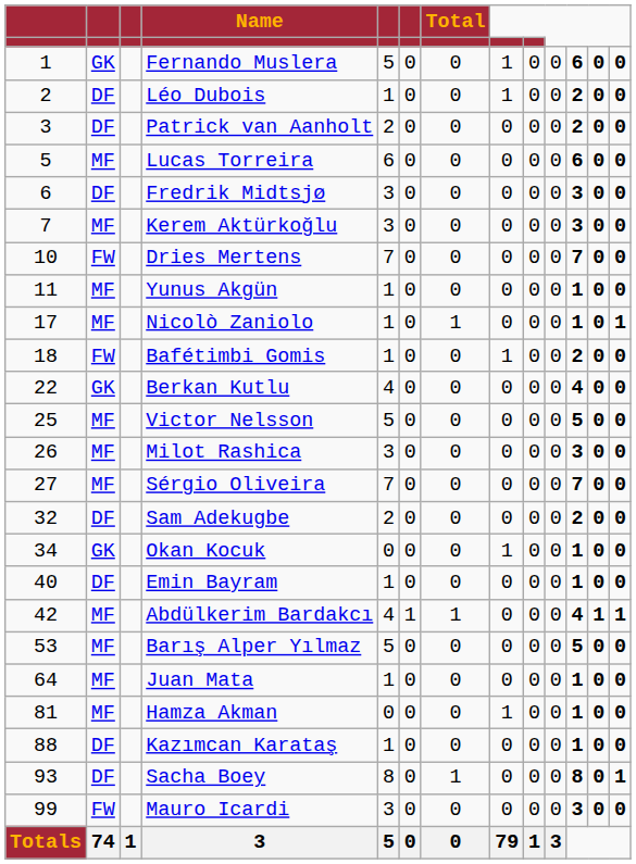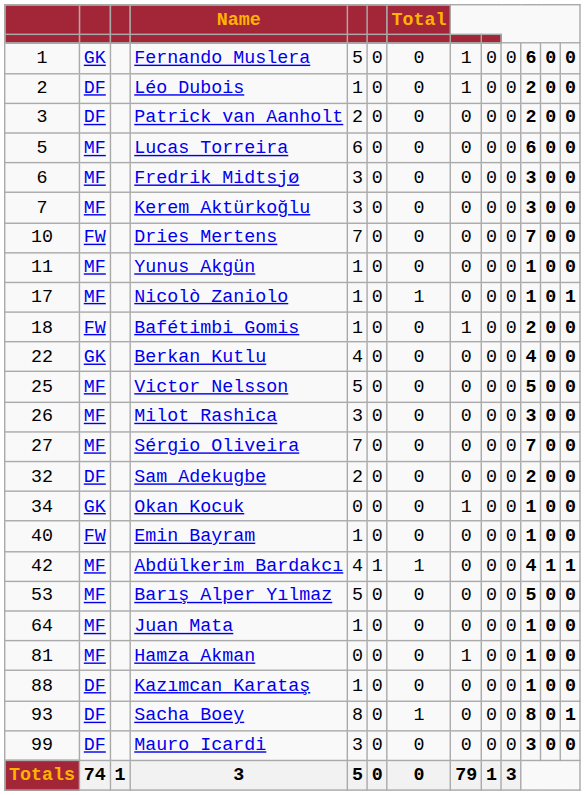 <table class="wikitable" style="text-align:center;">
 <tr>
 <th style="background:#A32638; color:#FFB300; "></th>
 <th style="background:#A32638; color:#FFB300; "></th>
 <th style="background:#A32638; color:#FFB300; "></th>
 <th style="background:#A32638; color:#FFB300; ">Name</th>
 <th style="background:#A32638; color:#FFB300; "></th>
 <th style="background:#A32638; color:#FFB300; "></th>
 <th style="background:#A32638; color:#FFB300; ">Total</th>
 </tr>
 <tr>
 <th style="background:#A32638; color:#FFB300; "></th>
 <th style="background:#A32638; color:#FFB300; "></th>
 <th style="background:#A32638; color:#FFB300; "></th>
 <th style="background:#A32638; color:#FFB300; "></th>
 <th style="background:#A32638; color:#FFB300; "></th>
 <th style="background:#A32638; color:#FFB300; "></th>
 <th style="background:#A32638; color:#FFB300; "></th>
 <th style="background:#A32638; color:#FFB300; "></th>
 <th style="background:#A32638; color:#FFB300; "></th>
 </tr>
 <tr>
 <td>1</td>
 <td><a href='#'>GK</a></td>
 <td></td>
 <td align=left><a href='#'>Fernando Muslera</a></td>
 <td>5</td>
 <td>0</td>
 <td>0</td>
 <td>1</td>
 <td>0</td>
 <td>0</td>
 <td><strong>6</strong></td>
 <td><strong>0</strong></td>
 <td><strong>0</strong></td>
 </tr>
 <tr>
 <td>2</td>
 <td><a href='#'>DF</a></td>
 <td></td>
 <td align=left><a href='#'>Léo Dubois</a></td>
 <td>1</td>
 <td>0</td>
 <td>0</td>
 <td>1</td>
 <td>0</td>
 <td>0</td>
 <td><strong>2</strong></td>
 <td><strong>0</strong></td>
 <td><strong>0</strong></td>
 </tr>
 <tr>
 <td>3</td>
 <td><a href='#'>DF</a></td>
 <td></td>
 <td align=left><a href='#'>Patrick van Aanholt</a></td>
 <td>2</td>
 <td>0</td>
 <td>0</td>
 <td>0</td>
 <td>0</td>
 <td>0</td>
 <td><strong>2</strong></td>
 <td><strong>0</strong></td>
 <td><strong>0</strong></td>
 </tr>
 <tr>
 <td>5</td>
 <td><a href='#'>MF</a></td>
 <td></td>
 <td align=left><a href='#'>Lucas Torreira</a></td>
 <td>6</td>
 <td>0</td>
 <td>0</td>
 <td>0</td>
 <td>0</td>
 <td>0</td>
 <td><strong>6</strong></td>
 <td><strong>0</strong></td>
 <td><strong>0</strong></td>
 </tr>
 <tr>
 <td>6</td>
-<td><a href='#'>DF</a></td>
+<td><a href='#'>MF</a></td>
 <td></td>
 <td align=left><a href='#'>Fredrik Midtsjø</a></td>
 <td>3</td>
 <td>0</td>
 <td>0</td>
 <td>0</td>
 <td>0</td>
 <td>0</td>
 <td><strong>3</strong></td>
 <td><strong>0</strong></td>
 <td><strong>0</strong></td>
 </tr>
 <tr>
 <td>7</td>
 <td><a href='#'>MF</a></td>
 <td></td>
 <td align=left><a href='#'>Kerem Aktürkoğlu</a></td>
 <td>3</td>
 <td>0</td>
 <td>0</td>
 <td>0</td>
 <td>0</td>
 <td>0</td>
 <td><strong>3</strong></td>
 <td><strong>0</strong></td>
 <td><strong>0</strong></td>
 </tr>
 <tr>
 <td>10</td>
 <td><a href='#'>FW</a></td>
 <td></td>
 <td align=left><a href='#'>Dries Mertens</a></td>
 <td>7</td>
 <td>0</td>
 <td>0</td>
 <td>0</td>
 <td>0</td>
 <td>0</td>
 <td><strong>7</strong></td>
 <td><strong>0</strong></td>
 <td><strong>0</strong></td>
 </tr>
 <tr>
 <td>11</td>
 <td><a href='#'>MF</a></td>
 <td></td>
 <td align=left><a href='#'>Yunus Akgün</a></td>
 <td>1</td>
 <td>0</td>
 <td>0</td>
 <td>0</td>
 <td>0</td>
 <td>0</td>
 <td><strong>1</strong></td>
 <td><strong>0</strong></td>
 <td><strong>0</strong></td>
 </tr>
 <tr>
 <td>17</td>
 <td><a href='#'>MF</a></td>
 <td></td>
 <td align=left><a href='#'>Nicolò Zaniolo</a></td>
 <td>1</td>
 <td>0</td>
 <td>1</td>
 <td>0</td>
 <td>0</td>
 <td>0</td>
 <td><strong>1</strong></td>
 <td><strong>0</strong></td>
 <td><strong>1</strong></td>
 </tr>
 <tr>
 <td>18</td>
 <td><a href='#'>FW</a></td>
 <td></td>
 <td align=left><a href='#'>Bafétimbi Gomis</a></td>
 <td>1</td>
 <td>0</td>
 <td>0</td>
 <td>1</td>
 <td>0</td>
 <td>0</td>
 <td><strong>2</strong></td>
 <td><strong>0</strong></td>
 <td><strong>0</strong></td>
 </tr>
 <tr>
 <td>22</td>
 <td><a href='#'>GK</a></td>
 <td></td>
 <td align=left><a href='#'>Berkan Kutlu</a></td>
 <td>4</td>
 <td>0</td>
 <td>0</td>
 <td>0</td>
 <td>0</td>
 <td>0</td>
 <td><strong>4</strong></td>
 <td><strong>0</strong></td>
 <td><strong>0</strong></td>
 </tr>
 <tr>
 <td>25</td>
 <td><a href='#'>MF</a></td>
 <td></td>
 <td align=left><a href='#'>Victor Nelsson</a></td>
 <td>5</td>
 <td>0</td>
 <td>0</td>
 <td>0</td>
 <td>0</td>
 <td>0</td>
 <td><strong>5</strong></td>
 <td><strong>0</strong></td>
 <td><strong>0</strong></td>
 </tr>
 <tr>
 <td>26</td>
 <td><a href='#'>MF</a></td>
 <td></td>
 <td align=left><a href='#'>Milot Rashica</a></td>
 <td>3</td>
 <td>0</td>
 <td>0</td>
 <td>0</td>
 <td>0</td>
 <td>0</td>
 <td><strong>3</strong></td>
 <td><strong>0</strong></td>
 <td><strong>0</strong></td>
 </tr>
 <tr>
 <td>27</td>
 <td><a href='#'>MF</a></td>
 <td></td>
 <td align=left><a href='#'>Sérgio Oliveira</a></td>
 <td>7</td>
 <td>0</td>
 <td>0</td>
 <td>0</td>
 <td>0</td>
 <td>0</td>
 <td><strong>7</strong></td>
 <td><strong>0</strong></td>
 <td><strong>0</strong></td>
 </tr>
 <tr>
 <td>32</td>
 <td><a href='#'>DF</a></td>
 <td></td>
 <td align=left><a href='#'>Sam Adekugbe</a></td>
 <td>2</td>
 <td>0</td>
 <td>0</td>
 <td>0</td>
 <td>0</td>
 <td>0</td>
 <td><strong>2</strong></td>
 <td><strong>0</strong></td>
 <td><strong>0</strong></td>
 </tr>
 <tr>
 <td>34</td>
 <td><a href='#'>GK</a></td>
 <td></td>
 <td align=left><a href='#'>Okan Kocuk</a></td>
 <td>0</td>
 <td>0</td>
 <td>0</td>
 <td>1</td>
 <td>0</td>
 <td>0</td>
 <td><strong>1</strong></td>
 <td><strong>0</strong></td>
 <td><strong>0</strong></td>
 </tr>
 <tr>
 <td>40</td>
-<td><a href='#'>DF</a></td>
+<td><a href='#'>FW</a></td>
 <td></td>
 <td align=left><a href='#'>Emin Bayram</a></td>
 <td>1</td>
 <td>0</td>
 <td>0</td>
 <td>0</td>
 <td>0</td>
 <td>0</td>
 <td><strong>1</strong></td>
 <td><strong>0</strong></td>
 <td><strong>0</strong></td>
 </tr>
 <tr>
 <td>42</td>
 <td><a href='#'>MF</a></td>
 <td></td>
 <td align=left><a href='#'>Abdülkerim Bardakcı</a></td>
 <td>4</td>
 <td>1</td>
 <td>1</td>
 <td>0</td>
 <td>0</td>
 <td>0</td>
 <td><strong>4</strong></td>
 <td><strong>1</strong></td>
 <td><strong>1</strong></td>
 </tr>
 <tr>
 <td>53</td>
 <td><a href='#'>MF</a></td>
 <td></td>
 <td align=left><a href='#'>Barış Alper Yılmaz</a></td>
 <td>5</td>
 <td>0</td>
 <td>0</td>
 <td>0</td>
 <td>0</td>
 <td>0</td>
 <td><strong>5</strong></td>
 <td><strong>0</strong></td>
 <td><strong>0</strong></td>
 </tr>
 <tr>
 <td>64</td>
 <td><a href='#'>MF</a></td>
 <td></td>
 <td align=left><a href='#'>Juan Mata</a></td>
 <td>1</td>
 <td>0</td>
 <td>0</td>
 <td>0</td>
 <td>0</td>
 <td>0</td>
 <td><strong>1</strong></td>
 <td><strong>0</strong></td>
 <td><strong>0</strong></td>
 </tr>
 <tr>
 <td>81</td>
 <td><a href='#'>MF</a></td>
 <td></td>
 <td align=left><a href='#'>Hamza Akman</a></td>
 <td>0</td>
 <td>0</td>
 <td>0</td>
 <td>1</td>
 <td>0</td>
 <td>0</td>
 <td><strong>1</strong></td>
 <td><strong>0</strong></td>
 <td><strong>0</strong></td>
 </tr>
 <tr>
 <td>88</td>
 <td><a href='#'>DF</a></td>
 <td></td>
 <td align=left><a href='#'>Kazımcan Karataş</a></td>
 <td>1</td>
 <td>0</td>
 <td>0</td>
 <td>0</td>
 <td>0</td>
 <td>0</td>
 <td><strong>1</strong></td>
 <td><strong>0</strong></td>
 <td><strong>0</strong></td>
 </tr>
 <tr>
 <td>93</td>
 <td><a href='#'>DF</a></td>
 <td></td>
 <td align=left><a href='#'>Sacha Boey</a></td>
 <td>8</td>
 <td>0</td>
 <td>1</td>
 <td>0</td>
 <td>0</td>
 <td>0</td>
 <td><strong>8</strong></td>
 <td><strong>0</strong></td>
 <td><strong>1</strong></td>
 </tr>
 <tr>
 <td>99</td>
-<td><a href='#'>FW</a></td>
+<td><a href='#'>DF</a></td>
 <td></td>
 <td align=left><a href='#'>Mauro Icardi</a></td>
 <td>3</td>
 <td>0</td>
 <td>0</td>
 <td>0</td>
 <td>0</td>
 <td>0</td>
 <td><strong>3</strong></td>
 <td><strong>0</strong></td>
 <td><strong>0</strong></td>
 </tr>
 <tr>
 <td style="background:#A32638; color:#FFB300; "><strong>Totals</strong></td>
 <th><strong>74</strong></th>
 <th><strong>1</strong></th>
 <th><strong>3</strong></th>
 <th><strong>5</strong></th>
 <th><strong>0</strong></th>
 <th><strong>0</strong></th>
 <th><strong>79</strong></th>
 <th><strong>1</strong></th>
 <th><strong>3</strong></th>
 </tr>
 </table>
